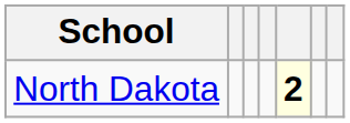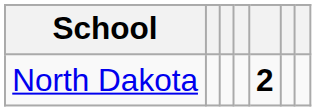 <table class="wikitable sortable" style="text-align: center;">
 <tr>
 <th>School</th>
 <th data-sort-type="number" scope="col"></th>
 <th data-sort-type="number" scope="col"></th>
 <th data-sort-type="number" scope="col"></th>
 <th data-sort-type="number" scope="col"></th>
 <th data-sort-type="number" scope="col"></th>
 <th data-sort-type="number" scope="col"></th>
 </tr>
 <tr>
 <td><a href='#'>North Dakota</a></td>
 <td></td>
 <td></td>
 <td></td>
-<td style="background: lightyellow;"><strong>2</strong><br></td>
+<td><strong>2</strong><br></td>
 <td></td>
 <td></td>
 </tr>
 </table>
